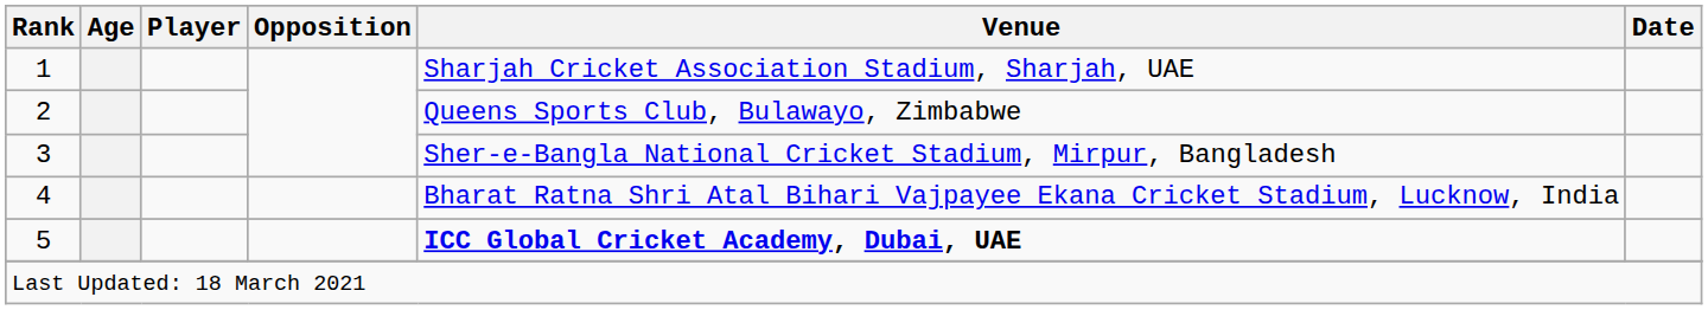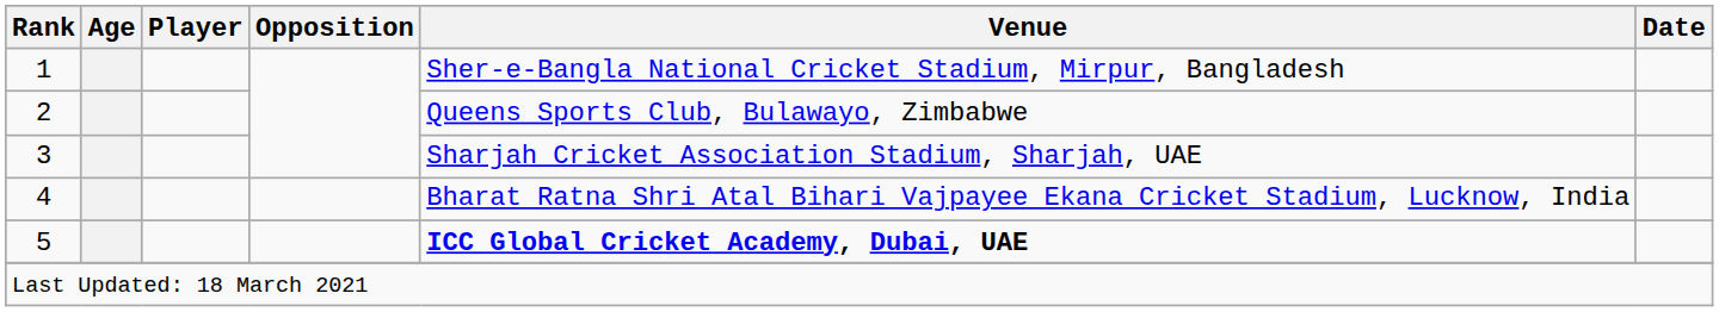 <table class="wikitable plainrowheaders sortable">
 <tr>
 <th scope=col>Rank</th>
 <th scope=col>Age</th>
 <th scope=col>Player</th>
 <th scope=col>Opposition</th>
 <th scope=col>Venue</th>
 <th scope=col>Date</th>
 </tr>
 <tr>
 <td align=center>1</td>
 <th scope=row style=text-align:center;></th>
 <td></td>
 <td rowspan=3></td>
-<td><a href='#'>Sharjah Cricket Association Stadium</a>, <a href='#'>Sharjah</a>, UAE</td>
+<td><a href='#'>Sher-e-Bangla National Cricket Stadium</a>, <a href='#'>Mirpur</a>, Bangladesh</td>
 <td></td>
 </tr>
 <tr>
 <td align=center>2</td>
 <th scope=row style=text-align:center;></th>
 <td></td>
 <td><a href='#'>Queens Sports Club</a>, <a href='#'>Bulawayo</a>, Zimbabwe</td>
 <td></td>
 </tr>
 <tr>
 <td align=center>3</td>
 <th scope=row style=text-align:center;></th>
 <td></td>
-<td><a href='#'>Sher-e-Bangla National Cricket Stadium</a>, <a href='#'>Mirpur</a>, Bangladesh</td>
+<td><a href='#'>Sharjah Cricket Association Stadium</a>, <a href='#'>Sharjah</a>, UAE</td>
 <td></td>
 </tr>
 <tr>
 <td align=center>4</td>
 <th scope=row style=text-align:center;></th>
 <td></td>
 <td></td>
 <td><a href='#'>Bharat Ratna Shri Atal Bihari Vajpayee Ekana Cricket Stadium</a>, <a href='#'>Lucknow</a>, India</td>
 <td></td>
 </tr>
 <tr>
 <td align=center>5</td>
 <th scope=row style=text-align:center;></th>
 <td></td>
 <td></td>
 <td><strong><a href='#'>ICC Global Cricket Academy</a>, <a href='#'>Dubai</a>, UAE</strong></td>
 <td></td>
 </tr>
 <tr>
 </tr>
 <tr class=sortbottom>
 <td colspan=7><small>Last Updated: 18 March 2021</small></td>
 </tr>
 </table>
